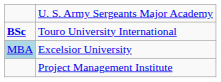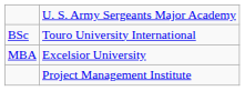 <table class="wikitable">
 <tr>
 <td></td>
 <td><a href='#'>U. S. Army Sergeants Major Academy</a></td>
 </tr>
 <tr>
-<td><strong><a href='#'>BSc</a></strong></td>
+<td><a href='#'>BSc</a></td>
 <td><a href='#'>Touro University International</a></td>
 </tr>
 <tr>
-<td style="background: lightblue;"><a href='#'>MBA</a></td>
+<td><a href='#'>MBA</a></td>
 <td><a href='#'>Excelsior University</a></td>
 </tr>
 <tr>
 <td></td>
 <td><a href='#'>Project Management Institute</a></td>
 </tr>
 </table>
